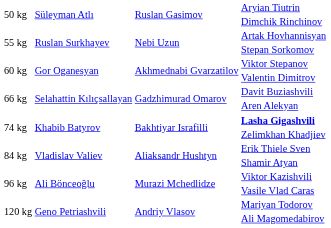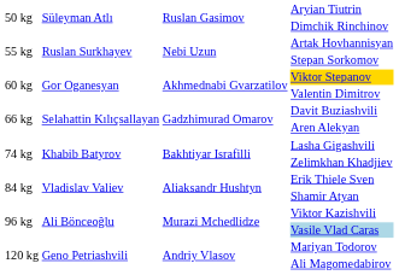 <table>
 <tr>
 <td rowspan=2>50 kg</td>
 <td rowspan=2> <a href='#'>Süleyman Atlı</a></td>
 <td rowspan=2> <a href='#'>Ruslan Gasimov</a></td>
 <td> <a href='#'>Aryian Tiutrin</a></td>
 </tr>
 <tr>
 <td><a href='#'>Dimchik Rinchinov</a></td>
 </tr>
 <tr>
 <td rowspan=2>55 kg</td>
 <td rowspan=2> <a href='#'>Ruslan Surkhayev</a></td>
 <td rowspan=2> <a href='#'>Nebi Uzun</a></td>
 <td> <a href='#'>Artak Hovhannisyan</a></td>
 </tr>
 <tr>
 <td> <a href='#'>Stepan Sorkomov</a></td>
 </tr>
 <tr>
 <td rowspan=2>60 kg</td>
 <td rowspan=2> <a href='#'>Gor Oganesyan</a></td>
 <td rowspan=2> <a href='#'>Akhmednabi Gvarzatilov</a></td>
-<td> <a href='#'>Viktor Stepanov</a></td>
+<td style="background: gold;"> <a href='#'>Viktor Stepanov</a></td>
 </tr>
 <tr>
 <td> <a href='#'>Valentin Dimitrov</a></td>
 </tr>
 <tr>
 <td rowspan=2>66 kg</td>
 <td rowspan=2> <a href='#'>Selahattin Kılıçsallayan</a></td>
 <td rowspan=2> <a href='#'>Gadzhimurad Omarov</a></td>
 <td> <a href='#'>Davit Buziashvili</a></td>
 </tr>
 <tr>
 <td> <a href='#'>Aren Alekyan</a></td>
 </tr>
 <tr>
 <td rowspan=2>74 kg</td>
 <td rowspan=2> <a href='#'>Khabib Batyrov</a></td>
 <td rowspan=2> <a href='#'>Bakhtiyar Israfilli</a></td>
-<td><strong> <a href='#'>Lasha Gigashvili</a></strong></td>
+<td> <a href='#'>Lasha Gigashvili</a></td>
 </tr>
 <tr>
 <td> <a href='#'>Zelimkhan Khadjiev</a></td>
 </tr>
 <tr>
 <td rowspan=2>84 kg</td>
 <td rowspan=2> <a href='#'>Vladislav Valiev</a></td>
 <td rowspan=2> <a href='#'>Aliaksandr Hushtyn</a></td>
 <td> <a href='#'>Erik Thiele Sven</a></td>
 </tr>
 <tr>
 <td> <a href='#'>Shamir Atyan</a></td>
 </tr>
 <tr>
 <td rowspan=2>96 kg</td>
 <td rowspan=2> <a href='#'>Ali Bönceoğlu</a></td>
 <td rowspan=2> <a href='#'>Murazi Mchedlidze</a></td>
 <td> <a href='#'>Viktor Kazishvili</a></td>
 </tr>
 <tr>
-<td> <a href='#'>Vasile Vlad Caras</a></td>
+<td style="background: lightblue;"> <a href='#'>Vasile Vlad Caras</a></td>
 </tr>
 <tr>
 <td rowspan=2>120 kg</td>
 <td rowspan=2> <a href='#'>Geno Petriashvili</a></td>
 <td rowspan=2> <a href='#'>Andriy Vlasov</a></td>
 <td> <a href='#'>Mariyan Todorov</a></td>
 </tr>
 <tr>
 <td> <a href='#'>Ali Magomedabirov</a></td>
 </tr>
 </table>
